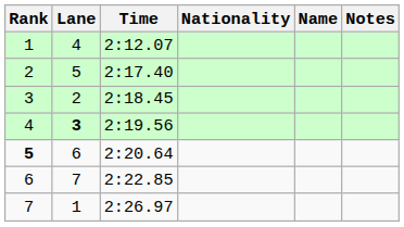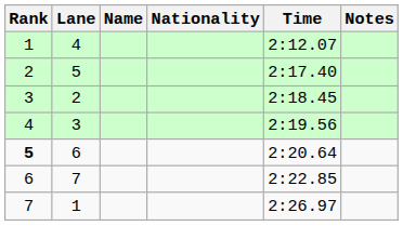 <table class="wikitable sortable" style="text-align:center">
 <tr>
 <th>Rank</th>
 <th>Lane</th>
+<th>Name</th>
+<th>Nationality</th>
 <th>Time</th>
-<th>Nationality</th>
-<th>Name</th>
 <th>Notes</th>
 </tr>
 <tr bgcolor=ccffcc>
 <td>1</td>
 <td>4</td>
-<td>2:12.07</td>
 <td align=left></td>
 <td align=left></td>
+<td>2:12.07</td>
 <td><strong></strong> <strong></strong></td>
 </tr>
 <tr bgcolor=ccffcc>
 <td>2</td>
 <td>5</td>
-<td>2:17.40</td>
 <td align=left></td>
 <td align=left></td>
+<td>2:17.40</td>
 <td><strong></strong></td>
 </tr>
 <tr bgcolor=ccffcc>
 <td>3</td>
 <td>2</td>
-<td>2:18.45</td>
 <td align=left></td>
 <td align=left></td>
+<td>2:18.45</td>
 <td><strong></strong></td>
 </tr>
 <tr bgcolor=ccffcc>
 <td>4</td>
-<td><strong>3</strong></td>
-<td>2:19.56</td>
+<td>3</td>
 <td align=left></td>
 <td align=left></td>
+<td>2:19.56</td>
 <td><strong></strong></td>
 </tr>
 <tr>
 <td><strong>5</strong></td>
 <td>6</td>
-<td>2:20.64</td>
 <td align=left></td>
 <td align=left></td>
+<td>2:20.64</td>
 <td></td>
 </tr>
 <tr>
 <td>6</td>
 <td>7</td>
-<td>2:22.85</td>
 <td align=left></td>
 <td align=left></td>
+<td>2:22.85</td>
 <td></td>
 </tr>
 <tr>
 <td>7</td>
 <td>1</td>
-<td>2:26.97</td>
 <td align=left></td>
 <td align=left></td>
+<td>2:26.97</td>
 <td></td>
 </tr>
 </table>
